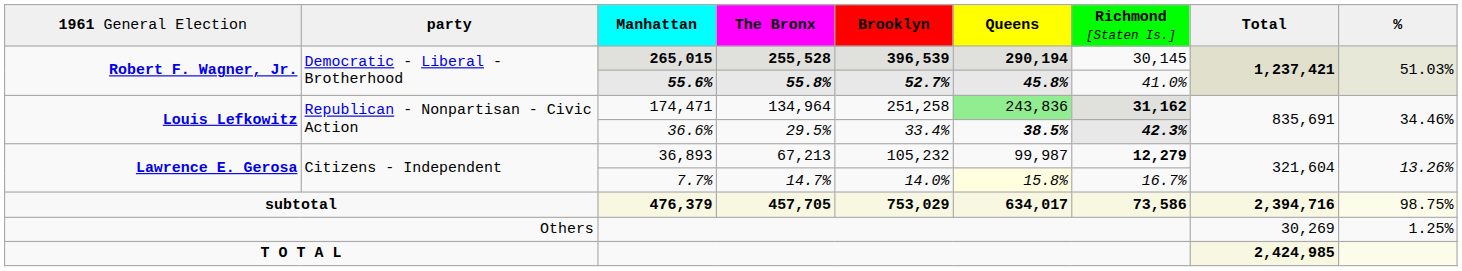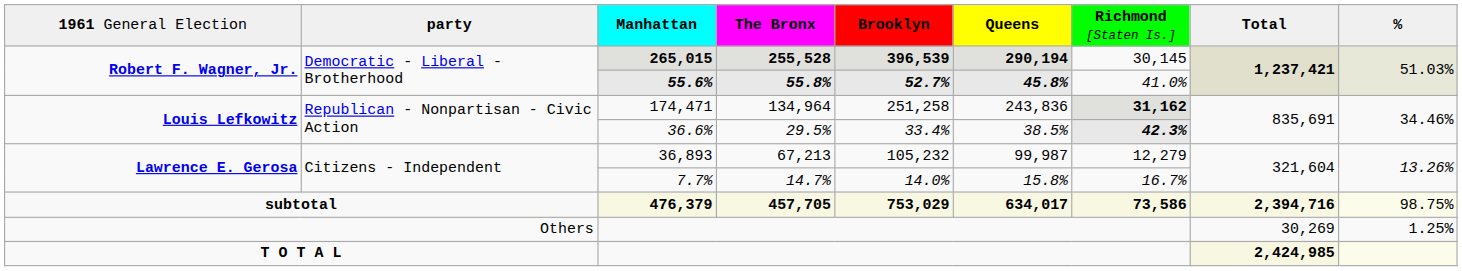 <table class="wikitable" style="width:100%; text-align:right;">
 <tr style="text-align:center;">
 <td style="width:20%; background:#f0f0f0;"><strong>1961</strong> General Election</td>
 <td style="width:20%; background:#f0f0f0;"><strong>party</strong></td>
 <td style="width:8%; background:aqua;"><strong>Manhattan</strong></td>
 <td style="width:8%; background:magenta;"><strong>The Bronx</strong></td>
 <td style="width:8%; background:red;"><strong>Brooklyn</strong></td>
 <td style="width:8%; background:yellow;"><strong>Queens</strong></td>
 <td style="width:8%; background:lime;"><strong>Richmond</strong> <small><em>[Staten Is.]</em></small></td>
 <td style="width:10%; background:#f0f0f0;"><strong>Total</strong></td>
 <td style="width:8%; background:#f0f0f0;"><strong>%</strong></td>
 </tr>
 <tr>
 <td rowspan="2"><strong><a href='#'>Robert F. Wagner, Jr.</a></strong></td>
 <td rowspan="2" style="text-align:left"><a href='#'>Democratic</a> - <a href='#'>Liberal</a> - Brotherhood</td>
 <td style="background:#e0e0dd;"><strong>265,015</strong></td>
 <td style="background:#e0e0dd;"><strong>255,528</strong></td>
 <td style="background:#e0e0dd;"><strong>396,539</strong></td>
 <td style="background:#e0e0dd;"><strong>290,194</strong></td>
 <td>30,145</td>
 <td rowspan="2" style="background:#e0e0cc;"><strong>1,237,421</strong></td>
 <td rowspan="2" style="background:#e8e8d8;">51.03%</td>
 </tr>
 <tr style="background:#e8e8e8;">
 <td><strong><em>55.6%</em></strong></td>
 <td><strong><em>55.8%</em></strong></td>
 <td><strong><em>52.7%</em></strong></td>
 <td><strong><em>45.8%</em></strong></td>
 <td bgcolor="f8f8f8"><em>41.0%</em></td>
 </tr>
 <tr>
 <td rowspan="2"><strong><a href='#'>Louis Lefkowitz</a></strong></td>
 <td rowspan="2" style="text-align:left"><a href='#'>Republican</a> - Nonpartisan - Civic Action</td>
 <td>174,471</td>
 <td>134,964</td>
 <td>251,258</td>
-<td style="background: lightgreen;">243,836</td>
+<td>243,836</td>
 <td style="background:#e0e0dd;"><strong>31,162</strong></td>
 <td rowspan="2">835,691</td>
 <td rowspan="2">34.46%</td>
 </tr>
 <tr>
 <td><em>36.6%</em></td>
 <td><em>29.5%</em></td>
 <td><em>33.4%</em></td>
-<td><strong><em>38.5%</em></strong></td>
+<td><em>38.5%</em></td>
 <td bgcolor="e8e8e8"><strong><em>42.3%</em></strong></td>
 </tr>
 <tr>
 <td rowspan="2"><strong><a href='#'>Lawrence E. Gerosa</a></strong></td>
 <td rowspan="2" style="text-align:left">Citizens - Independent</td>
 <td>36,893</td>
 <td>67,213</td>
 <td>105,232</td>
 <td>99,987</td>
-<td><strong>12,279</strong></td>
+<td>12,279</td>
 <td rowspan="2">321,604</td>
 <td rowspan="2"><em>13.26%</em></td>
 </tr>
 <tr>
 <td><em>7.7%</em></td>
 <td><em>14.7%</em></td>
 <td><em>14.0%</em></td>
-<td style="background: lightyellow;"><em>15.8%</em></td>
+<td><em>15.8%</em></td>
 <td><em>16.7%</em></td>
 </tr>
 <tr style="background:#f7f7e2;">
 <td colspan="2" style="background:#f8f8f8; text-align:center;"><strong>subtotal</strong></td>
 <td><strong>476,379</strong></td>
 <td><strong>457,705</strong></td>
 <td><strong>753,029</strong></td>
 <td><strong>634,017</strong></td>
 <td><strong>73,586</strong></td>
 <td><strong>2,394,716</strong></td>
 <td bgcolor="fcfcea">98.75%</td>
 </tr>
 <tr>
 <td colspan="2">Others</td>
 <td colspan="5"> </td>
 <td>30,269</td>
 <td>1.25%</td>
 </tr>
 <tr>
 <td colspan="2" style="text-align:center;"><strong>T O T A L</strong></td>
 <td colspan="5"> </td>
 <td bgcolor="f7f7e2"><strong>2,424,985</strong></td>
 <td bgcolor="fcfcea"> </td>
 </tr>
 </table>
